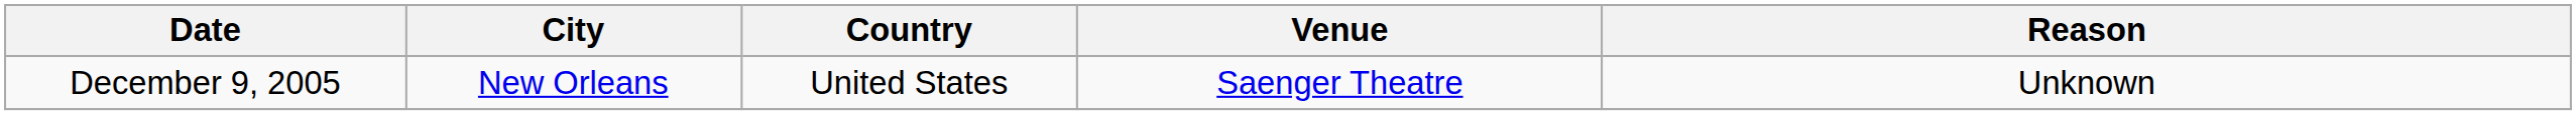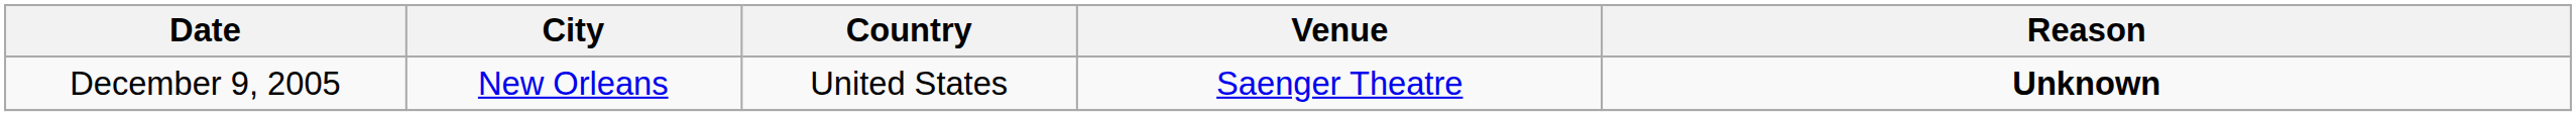 <table class="wikitable plainrowheaders" style="text-align:center;">
 <tr>
 <th scope="col" style="width:12em;">Date</th>
 <th scope="col" style="width:10em;">City</th>
 <th scope="col" style="width:10em;">Country</th>
 <th scope="col" style="width:16em;">Venue</th>
 <th scope="col" style="width:30em;">Reason</th>
 </tr>
 <tr>
 <td>December 9, 2005</td>
 <td><a href='#'>New Orleans</a></td>
 <td>United States</td>
 <td><a href='#'>Saenger Theatre</a></td>
-<td>Unknown</td>
+<td><strong>Unknown</strong></td>
 </tr>
 <tr>
 </tr>
 </table>
